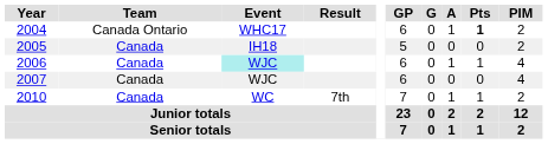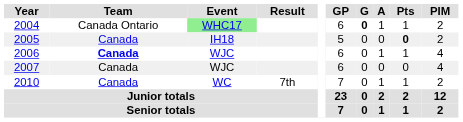 <table border="0" cellpadding="1" cellspacing="0" style="text-align:center; width:40em">
 <tr bgcolor="#e0e0e0">
 <th>Year</th>
 <th>Team</th>
 <th>Event</th>
 <th>Result</th>
 <th rowspan="99" bgcolor="#ffffff"> </th>
 <th>GP</th>
 <th>G</th>
 <th>A</th>
 <th>Pts</th>
 <th>PIM</th>
 </tr>
 <tr>
 <td><a href='#'>2004</a></td>
 <td>Canada Ontario</td>
-<td><a href='#'>WHC17</a></td>
+<td style="background: lightgreen;"><a href='#'>WHC17</a></td>
 <td></td>
 <td>6</td>
-<td>0</td>
+<td><strong>0</strong></td>
 <td>1</td>
-<td><strong>1</strong></td>
+<td>1</td>
 <td>2</td>
 </tr>
 <tr bgcolor="#f0f0f0">
 <td><a href='#'>2005</a></td>
 <td><a href='#'>Canada</a></td>
 <td><a href='#'>IH18</a></td>
 <td></td>
 <td>5</td>
 <td>0</td>
 <td>0</td>
-<td>0</td>
+<td><strong>0</strong></td>
 <td>2</td>
 </tr>
 <tr>
 <td><a href='#'>2006</a></td>
-<td><a href='#'>Canada</a></td>
-<td style="background: paleturquoise;"><a href='#'>WJC</a></td>
+<td><strong><a href='#'>Canada</a></strong></td>
+<td><a href='#'>WJC</a></td>
 <td></td>
 <td>6</td>
 <td>0</td>
 <td>1</td>
 <td>1</td>
 <td>4</td>
 </tr>
 <tr bgcolor="#f0f0f0">
 <td><a href='#'>2007</a></td>
 <td>Canada</td>
 <td>WJC</td>
 <td></td>
 <td>6</td>
 <td>0</td>
 <td>0</td>
 <td>0</td>
 <td>4</td>
 </tr>
 <tr>
 <td><a href='#'>2010</a></td>
 <td><a href='#'>Canada</a></td>
 <td><a href='#'>WC</a></td>
 <td>7th</td>
 <td>7</td>
 <td>0</td>
 <td>1</td>
 <td>1</td>
 <td>2</td>
 </tr>
 <tr bgcolor="#e0e0e0">
 <th colspan="4">Junior totals</th>
 <th>23</th>
 <th>0</th>
 <th>2</th>
 <th>2</th>
 <th>12</th>
 </tr>
 <tr bgcolor="#e0e0e0">
 <th colspan="4">Senior totals</th>
 <th>7</th>
 <th>0</th>
 <th>1</th>
 <th>1</th>
 <th>2</th>
 </tr>
 </table>
